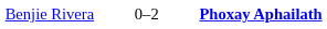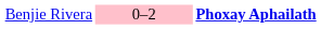 <table>
 <tr>
 <th width=400></th>
 <th width=100></th>
 <th width=400></th>
 </tr>
 <tr>
 <td align=right><a href='#'>Benjie Rivera</a> </td>
-<td align=center>0–2</td>
+<td align=center style="background: pink;">0–2</td>
 <td><strong> <a href='#'>Phoxay Aphailath</a></strong></td>
 </tr>
 </table>
